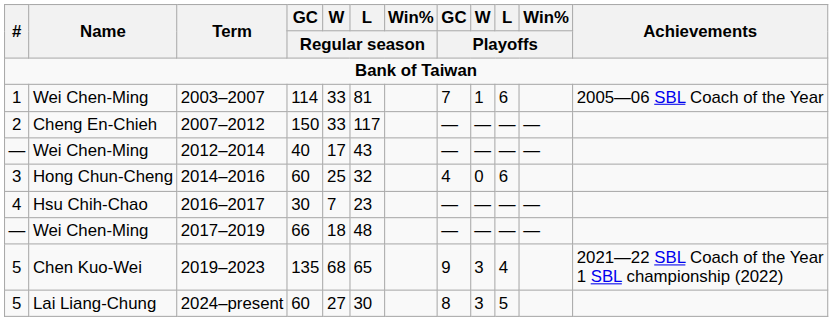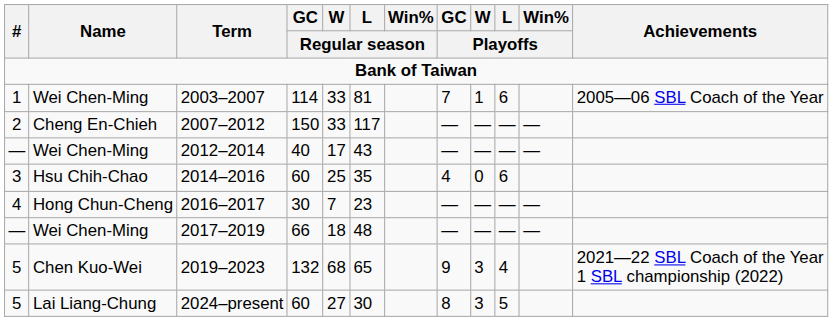 <table class="wikitable sortable">
 <tr>
 <th rowspan="2">#</th>
 <th rowspan="2">Name</th>
 <th rowspan="2">Term</th>
 <th>GC</th>
 <th>W</th>
 <th>L</th>
 <th>Win%</th>
 <th>GC</th>
 <th>W</th>
 <th>L</th>
 <th>Win%</th>
 <th rowspan="2" class=unsortable>Achievements</th>
 </tr>
 <tr class="unsortable">
 <th colspan="4">Regular season</th>
 <th colspan="4">Playoffs</th>
 </tr>
 <tr>
 <td align=center colspan="15"><strong>Bank of Taiwan</strong></td>
 </tr>
 <tr>
 <td align=center>1</td>
 <td>Wei Chen-Ming</td>
 <td>2003–2007</td>
 <td>114</td>
 <td>33</td>
 <td>81</td>
 <td></td>
 <td>7</td>
 <td>1</td>
 <td>6</td>
 <td></td>
 <td>2005—06 <a href='#'>SBL</a> Coach of the Year</td>
 </tr>
 <tr>
 <td align=center>2</td>
 <td>Cheng En-Chieh</td>
 <td>2007–2012</td>
 <td>150</td>
 <td>33</td>
 <td>117</td>
 <td></td>
 <td>—</td>
 <td>—</td>
 <td>—</td>
 <td>—</td>
 <td></td>
 </tr>
 <tr>
 <td align=center>—</td>
 <td>Wei Chen-Ming</td>
 <td>2012–2014</td>
 <td>40</td>
 <td>17</td>
 <td>43</td>
 <td></td>
 <td>—</td>
 <td>—</td>
 <td>—</td>
 <td>—</td>
 <td></td>
 </tr>
 <tr>
 <td align=center>3</td>
-<td>Hong Chun-Cheng</td>
+<td>Hsu Chih-Chao</td>
 <td>2014–2016</td>
 <td>60</td>
 <td>25</td>
-<td>32</td>
+<td>35</td>
 <td></td>
 <td>4</td>
 <td>0</td>
 <td>6</td>
 <td></td>
 <td></td>
 </tr>
 <tr>
 <td align=center>4</td>
-<td>Hsu Chih-Chao</td>
+<td>Hong Chun-Cheng</td>
 <td>2016–2017</td>
 <td>30</td>
 <td>7</td>
 <td>23</td>
 <td></td>
 <td>—</td>
 <td>—</td>
 <td>—</td>
 <td>—</td>
 <td></td>
 </tr>
 <tr>
 <td align=center>—</td>
 <td>Wei Chen-Ming</td>
 <td>2017–2019</td>
 <td>66</td>
 <td>18</td>
 <td>48</td>
 <td></td>
 <td>—</td>
 <td>—</td>
 <td>—</td>
 <td>—</td>
 <td></td>
 </tr>
 <tr>
 <td align=center>5</td>
 <td>Chen Kuo-Wei</td>
 <td>2019–2023</td>
-<td>135</td>
+<td>132</td>
 <td>68</td>
 <td>65</td>
 <td></td>
 <td>9</td>
 <td>3</td>
 <td>4</td>
 <td></td>
 <td>2021—22 <a href='#'>SBL</a> Coach of the Year<br>1 <a href='#'>SBL</a> championship (2022)</td>
 </tr>
 <tr>
 <td align=center>5</td>
 <td>Lai Liang-Chung</td>
 <td>2024–present</td>
 <td>60</td>
 <td>27</td>
 <td>30</td>
 <td></td>
 <td>8</td>
 <td>3</td>
 <td>5</td>
 <td></td>
 <td></td>
 </tr>
 </table>
